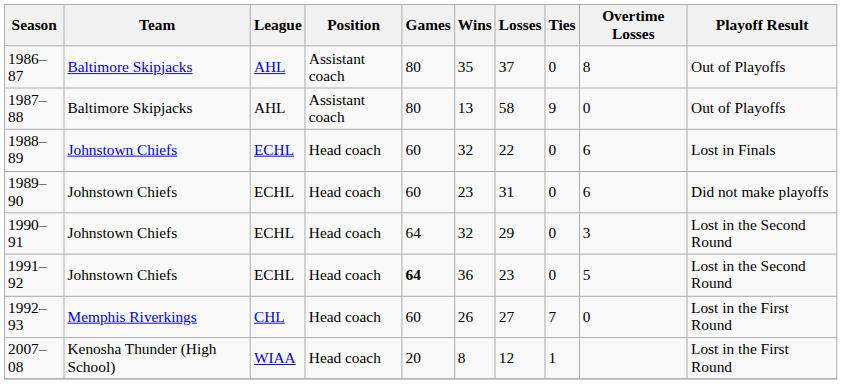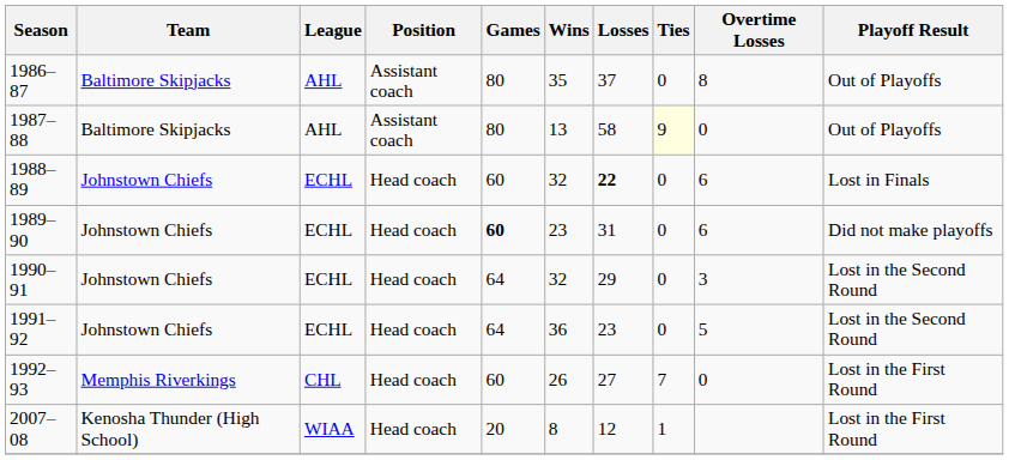 <table class="wikitable sortable">
 <tr>
 <th>Season</th>
 <th>Team</th>
 <th>League</th>
 <th>Position</th>
 <th>Games</th>
 <th>Wins</th>
 <th>Losses</th>
 <th>Ties</th>
 <th>Overtime Losses</th>
 <th>Playoff Result</th>
 </tr>
 <tr>
 <td>1986–87</td>
 <td><a href='#'>Baltimore Skipjacks</a></td>
 <td><a href='#'>AHL</a></td>
 <td>Assistant coach</td>
 <td>80</td>
 <td>35</td>
 <td>37</td>
 <td>0</td>
 <td>8</td>
 <td>Out of Playoffs</td>
 </tr>
 <tr>
 <td>1987–88</td>
 <td>Baltimore Skipjacks</td>
 <td>AHL</td>
 <td>Assistant coach</td>
 <td>80</td>
 <td>13</td>
 <td>58</td>
-<td>9</td>
+<td style="background: lightyellow;">9</td>
 <td>0</td>
 <td>Out of Playoffs</td>
 </tr>
 <tr>
 <td>1988–89</td>
 <td><a href='#'>Johnstown Chiefs</a></td>
 <td><a href='#'>ECHL</a></td>
 <td>Head coach</td>
 <td>60</td>
 <td>32</td>
-<td>22</td>
+<td><strong>22</strong></td>
 <td>0</td>
 <td>6</td>
 <td>Lost in Finals</td>
 </tr>
 <tr>
 <td>1989–90</td>
 <td>Johnstown Chiefs</td>
 <td>ECHL</td>
 <td>Head coach</td>
-<td>60</td>
+<td><strong>60</strong></td>
 <td>23</td>
 <td>31</td>
 <td>0</td>
 <td>6</td>
 <td>Did not make playoffs</td>
 </tr>
 <tr>
 <td>1990–91</td>
 <td>Johnstown Chiefs</td>
 <td>ECHL</td>
 <td>Head coach</td>
 <td>64</td>
 <td>32</td>
 <td>29</td>
 <td>0</td>
 <td>3</td>
 <td>Lost in the Second Round</td>
 </tr>
 <tr>
 <td>1991–92</td>
 <td>Johnstown Chiefs</td>
 <td>ECHL</td>
 <td>Head coach</td>
-<td><strong>64</strong></td>
+<td>64</td>
 <td>36</td>
 <td>23</td>
 <td>0</td>
 <td>5</td>
 <td>Lost in the Second Round</td>
 </tr>
 <tr>
 <td>1992–93</td>
 <td><a href='#'>Memphis Riverkings</a></td>
 <td><a href='#'>CHL</a></td>
 <td>Head coach</td>
 <td>60</td>
 <td>26</td>
 <td>27</td>
 <td>7</td>
 <td>0</td>
 <td>Lost in the First Round</td>
 </tr>
 <tr>
 <td>2007–08</td>
 <td>Kenosha Thunder (High School)</td>
 <td><a href='#'>WIAA</a></td>
 <td>Head coach</td>
 <td>20</td>
 <td>8</td>
 <td>12</td>
 <td>1</td>
 <td></td>
 <td>Lost in the First Round</td>
 </tr>
 <tr>
 </tr>
 </table>
